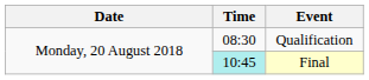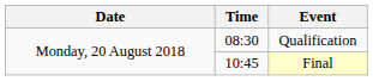 <table class = "wikitable" style="text-align:center;">
 <tr>
 <th width="220">Date</th>
 <th width="50">Time</th>
 <th width="100">Event</th>
 </tr>
 <tr>
 <td rowspan="2">Monday, 20 August 2018</td>
 <td>08:30</td>
 <td>Qualification</td>
 </tr>
 <tr>
-<td style="background: paleturquoise;">10:45</td>
+<td>10:45</td>
 <td bgcolor=ffffcc>Final</td>
 </tr>
 </table>
